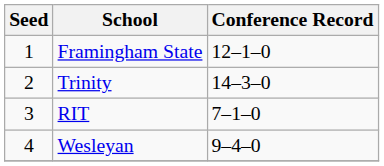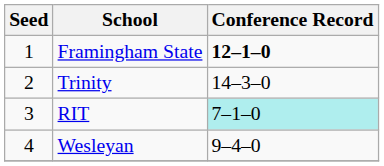 <table class="wikitable">
 <tr>
 <th>Seed</th>
 <th>School</th>
 <th>Conference Record</th>
 </tr>
 <tr>
 <td align=center>1</td>
 <td><a href='#'>Framingham State</a></td>
-<td>12–1–0</td>
+<td><strong>12–1–0</strong></td>
 </tr>
 <tr>
 <td align=center>2</td>
 <td><a href='#'>Trinity</a></td>
 <td>14–3–0</td>
 </tr>
 <tr>
 <td align=center>3</td>
 <td><a href='#'>RIT</a></td>
-<td>7–1–0</td>
+<td style="background: paleturquoise;">7–1–0</td>
 </tr>
 <tr>
 <td align=center>4</td>
 <td><a href='#'>Wesleyan</a></td>
 <td>9–4–0</td>
 </tr>
 <tr>
 </tr>
 </table>
